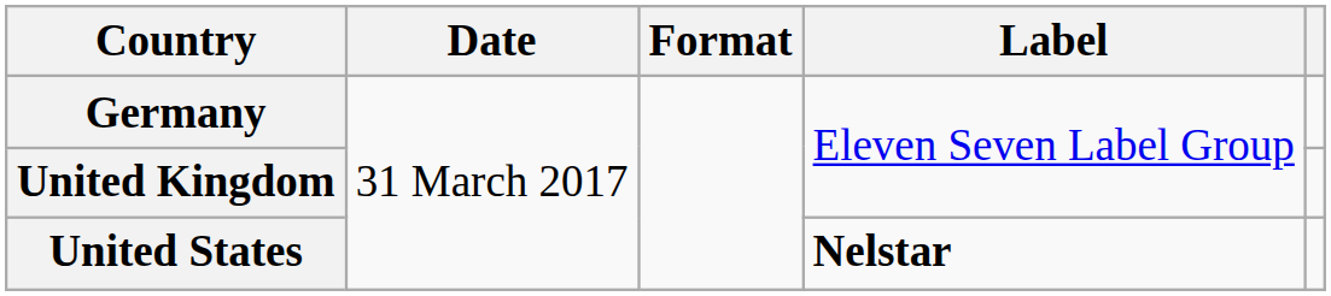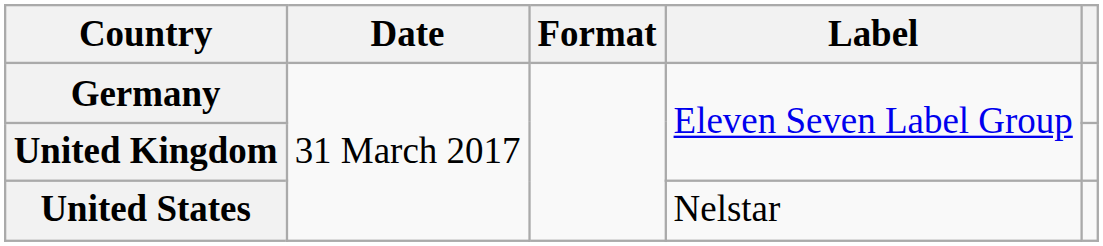 <table class="wikitable plainrowheaders">
 <tr>
 <th scope="col">Country</th>
 <th scope="col">Date</th>
 <th scope="col">Format</th>
 <th scope="col">Label</th>
 <th scope="col"></th>
 </tr>
 <tr>
 <th scope="row">Germany</th>
 <td rowspan="3">31 March 2017</td>
 <td rowspan="3"></td>
 <td rowspan="2"><a href='#'>Eleven Seven Label Group</a></td>
 <td></td>
 </tr>
 <tr>
 <th scope="row">United Kingdom</th>
 <td></td>
 </tr>
 <tr>
 <th scope="row">United States</th>
-<td><strong>Nelstar</strong></td>
+<td>Nelstar</td>
 <td></td>
 </tr>
 </table>
